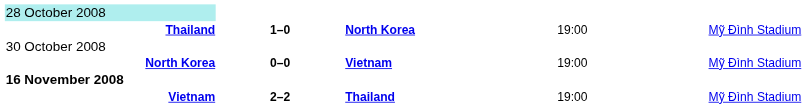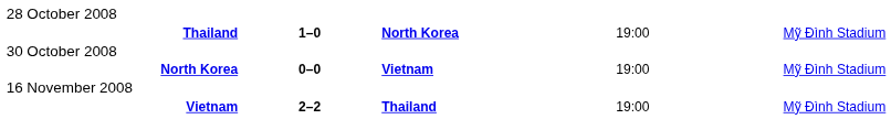 <table width=100% cellspacing=1>
 <tr>
 <th width=20%></th>
 <th width=12%></th>
 <th width=20%></th>
 <th></th>
 <th width=33%></th>
 </tr>
 <tr>
-<td style="background: paleturquoise;">28 October 2008</td>
+<td>28 October 2008</td>
 </tr>
 <tr style=font-size:90%>
 <td align=right><strong><a href='#'>Thailand</a></strong> </td>
 <td align=center><strong>1–0</strong></td>
 <td> <strong><a href='#'>North Korea</a></strong></td>
 <td>19:00</td>
 <td><a href='#'>Mỹ Đình Stadium</a></td>
 <td><em></em></td>
 </tr>
 <tr>
 <td>30 October 2008</td>
 </tr>
 <tr style=font-size:90%>
 <td align=right><strong><a href='#'>North Korea</a></strong> </td>
 <td align=center><strong>0–0</strong></td>
 <td> <strong><a href='#'>Vietnam</a></strong></td>
 <td>19:00</td>
 <td><a href='#'>Mỹ Đình Stadium</a></td>
 <td><em></em></td>
 </tr>
 <tr>
-<td><strong>16 November 2008</strong></td>
+<td>16 November 2008</td>
 </tr>
 <tr style=font-size:90%>
 <td align=right><strong><a href='#'>Vietnam</a></strong> </td>
 <td align=center><strong>2–2</strong></td>
 <td> <strong><a href='#'>Thailand</a></strong></td>
 <td>19:00</td>
 <td><a href='#'>Mỹ Đình Stadium</a></td>
 <td><em></em></td>
 </tr>
 </table>
